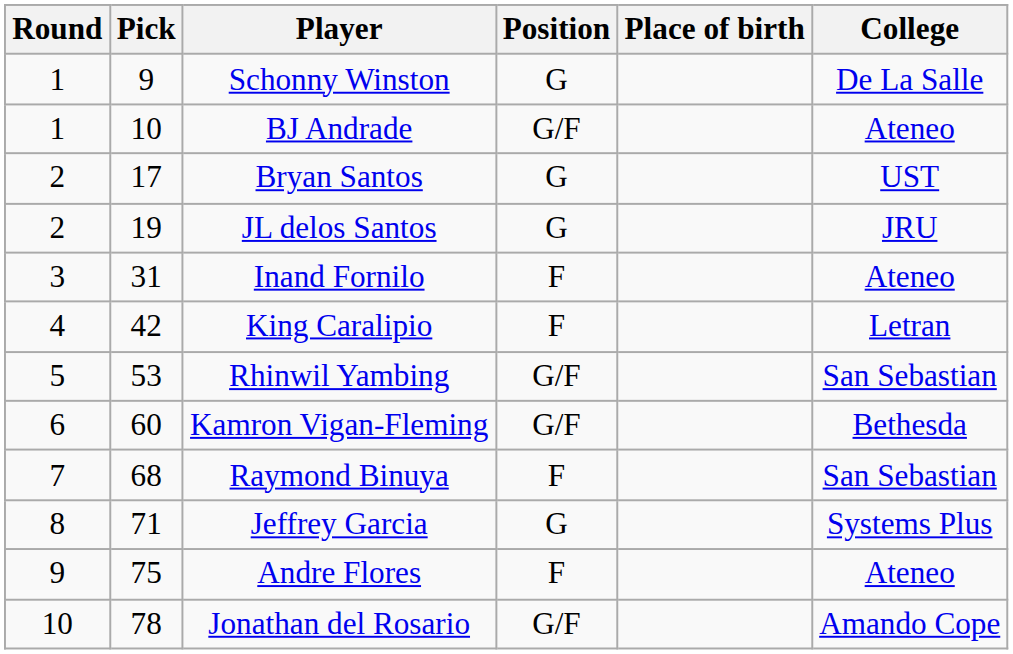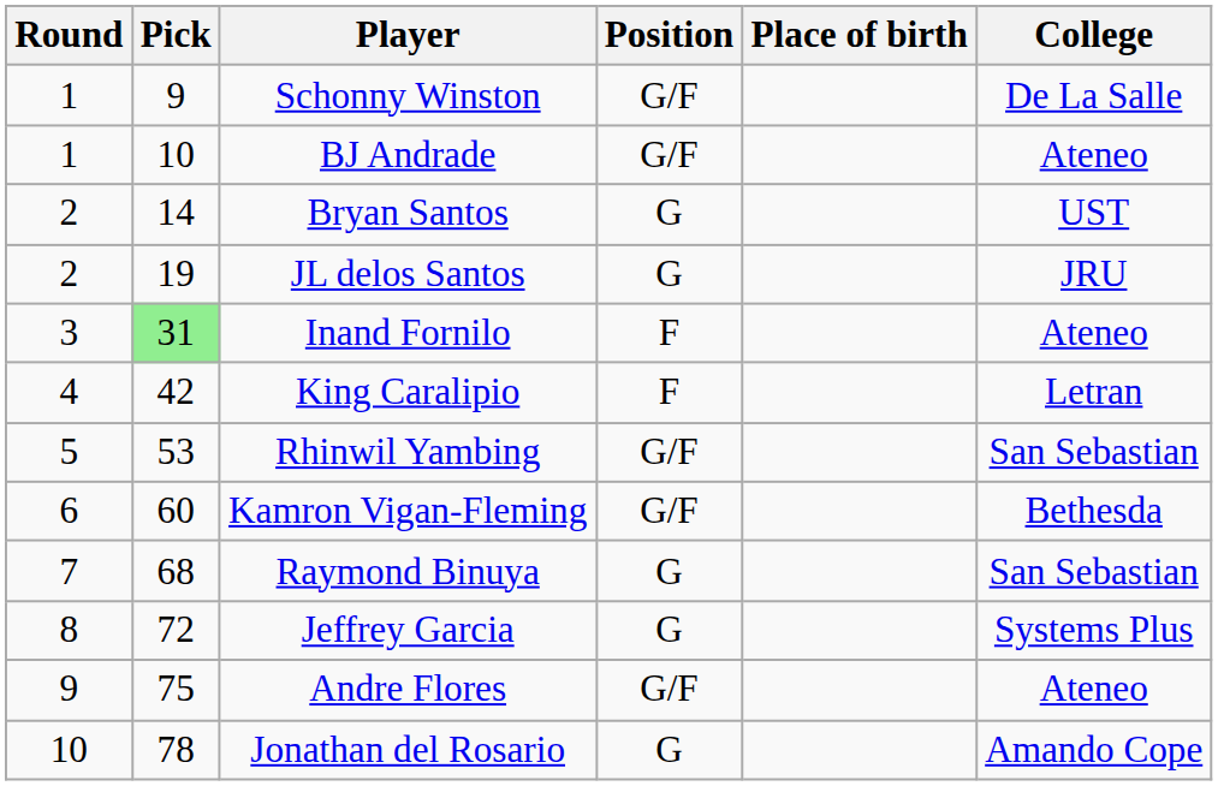 <table class="wikitable sortable sortable" style="text-align:center">
 <tr>
 <th>Round</th>
 <th>Pick</th>
 <th>Player</th>
 <th>Position</th>
 <th>Place of birth</th>
 <th>College</th>
 </tr>
 <tr>
 <td>1</td>
 <td>9</td>
 <td><a href='#'>Schonny Winston</a></td>
-<td>G</td>
+<td>G/F</td>
 <td></td>
 <td><a href='#'>De La Salle</a></td>
 </tr>
 <tr>
 <td>1</td>
 <td>10</td>
 <td><a href='#'>BJ Andrade</a></td>
 <td>G/F</td>
 <td></td>
 <td><a href='#'>Ateneo</a></td>
 </tr>
 <tr>
 <td>2</td>
-<td>17</td>
+<td>14</td>
 <td><a href='#'>Bryan Santos</a></td>
 <td>G</td>
 <td></td>
 <td><a href='#'>UST</a></td>
 </tr>
 <tr>
 <td>2</td>
 <td>19</td>
 <td><a href='#'>JL delos Santos</a></td>
 <td>G</td>
 <td></td>
 <td><a href='#'>JRU</a></td>
 </tr>
 <tr>
 <td>3</td>
-<td>31</td>
+<td style="background: lightgreen;">31</td>
 <td><a href='#'>Inand Fornilo</a></td>
 <td>F</td>
 <td></td>
 <td><a href='#'>Ateneo</a></td>
 </tr>
 <tr>
 <td>4</td>
 <td>42</td>
 <td><a href='#'>King Caralipio</a></td>
 <td>F</td>
 <td></td>
 <td><a href='#'>Letran</a></td>
 </tr>
 <tr>
 <td>5</td>
 <td>53</td>
 <td><a href='#'>Rhinwil Yambing</a></td>
 <td>G/F</td>
 <td></td>
 <td><a href='#'>San Sebastian</a></td>
 </tr>
 <tr>
 <td>6</td>
 <td>60</td>
 <td><a href='#'>Kamron Vigan-Fleming</a></td>
 <td>G/F</td>
 <td></td>
 <td><a href='#'>Bethesda</a></td>
 </tr>
 <tr>
 <td>7</td>
 <td>68</td>
 <td><a href='#'>Raymond Binuya</a></td>
-<td>F</td>
+<td>G</td>
 <td></td>
 <td><a href='#'>San Sebastian</a></td>
 </tr>
 <tr>
 <td>8</td>
-<td>71</td>
+<td>72</td>
 <td><a href='#'>Jeffrey Garcia</a></td>
 <td>G</td>
 <td></td>
 <td><a href='#'>Systems Plus</a></td>
 </tr>
 <tr>
 <td>9</td>
 <td>75</td>
 <td><a href='#'>Andre Flores</a></td>
-<td>F</td>
+<td>G/F</td>
 <td></td>
 <td><a href='#'>Ateneo</a></td>
 </tr>
 <tr>
 <td>10</td>
 <td>78</td>
 <td><a href='#'>Jonathan del Rosario</a></td>
-<td>G/F</td>
+<td>G</td>
 <td></td>
 <td><a href='#'>Amando Cope</a></td>
 </tr>
 </table>
